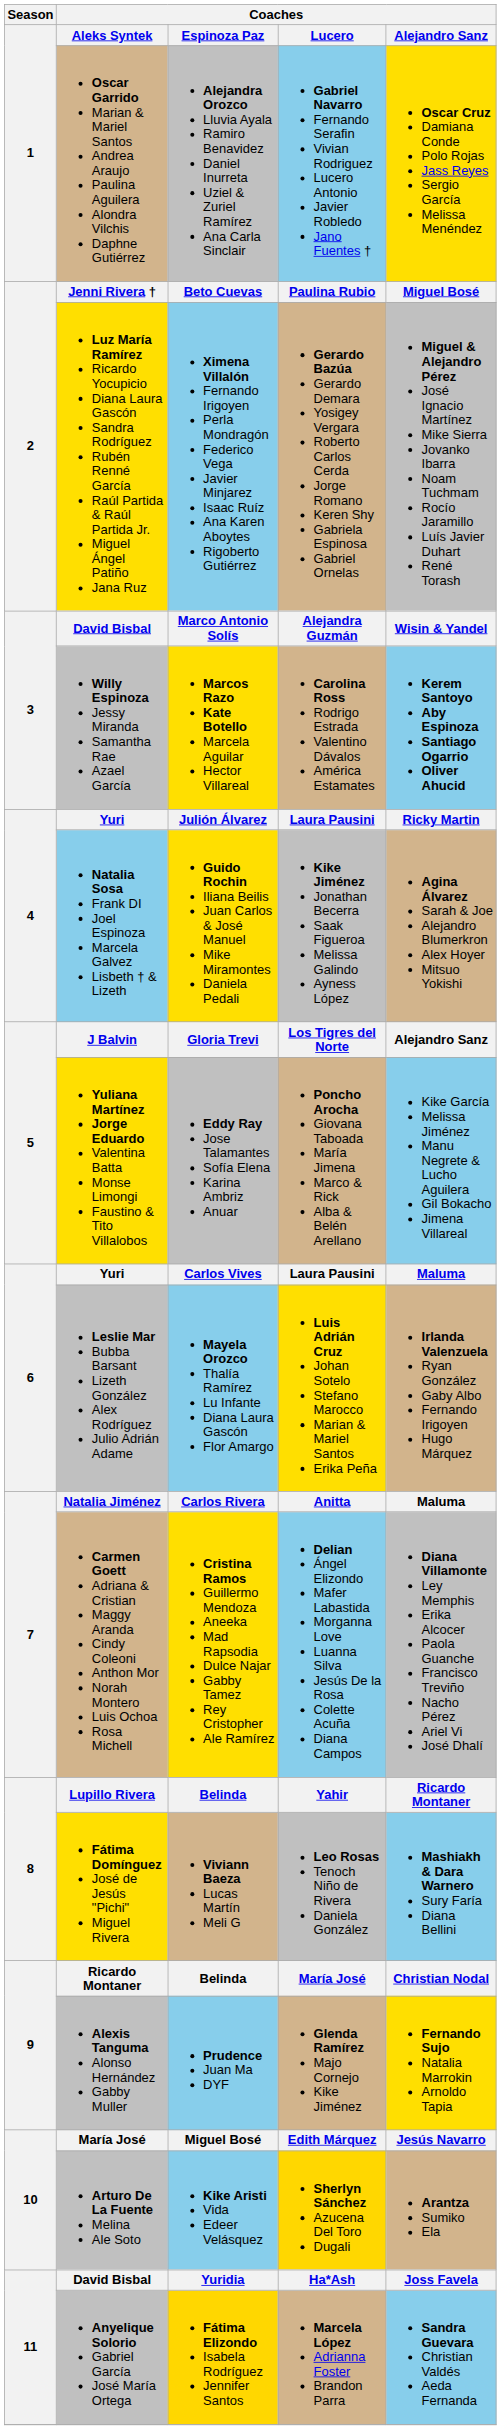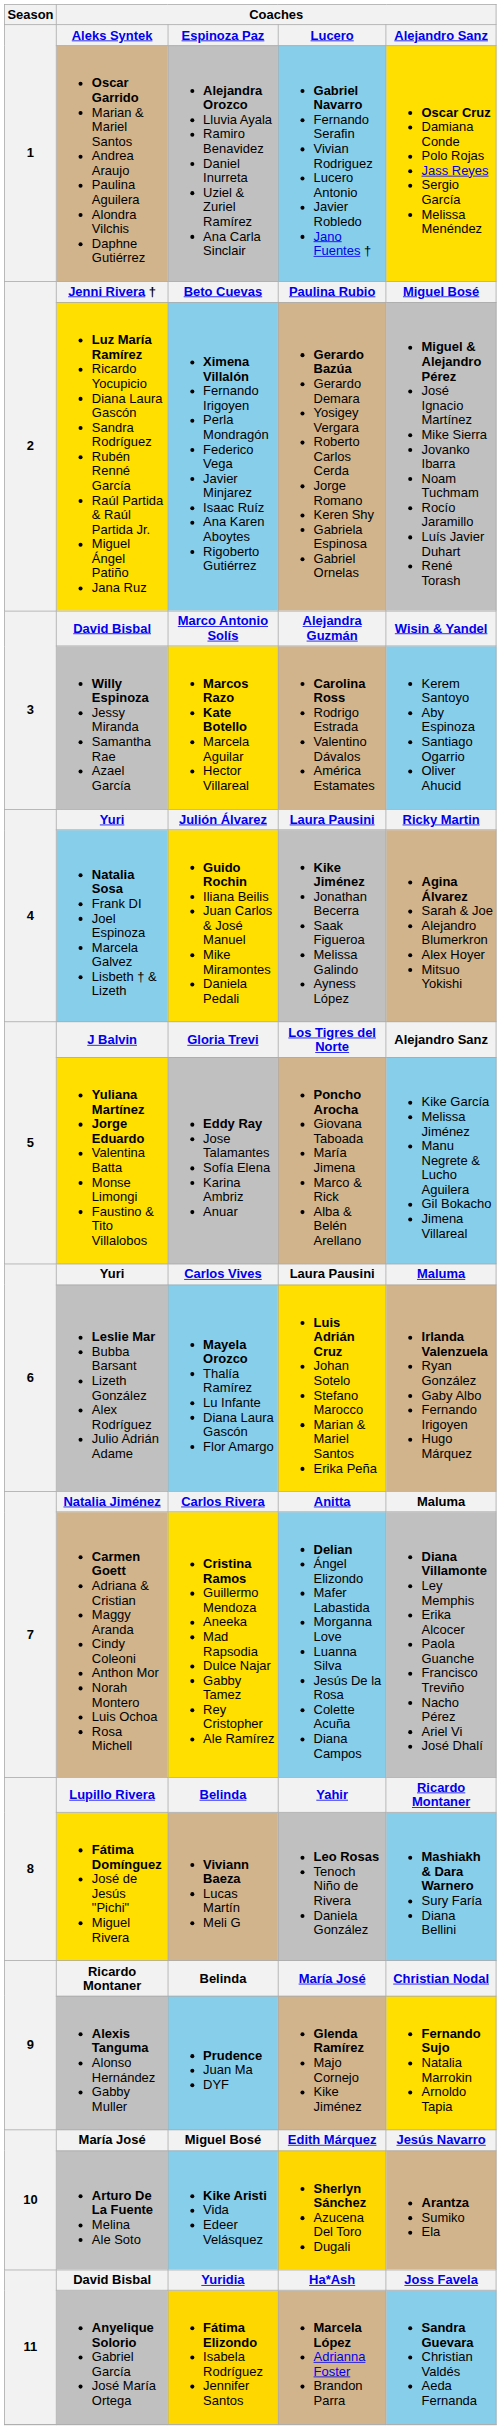 <table class="wikitable nowrap">
 <tr>
 <th rowspan="1" style="width:05%">Season</th>
 <th colspan="4" style="width:95%">Coaches</th>
 </tr>
 <tr>
 <th rowspan="2">1</th>
 <th style="width:23%" scope="col"><a href='#'>Aleks Syntek</a></th>
 <th style="width:23%" scope="col"><a href='#'>Espinoza Paz</a></th>
 <th style="width:23%" scope="col"><a href='#'>Lucero</a></th>
 <th style="width:23%" scope="col"><a href='#'>Alejandro Sanz</a></th>
 </tr>
 <tr>
 <td style="background:tan"><br><ul><li><strong>Oscar Garrido</strong></li><li>Marian & Mariel Santos</li><li>Andrea Araujo</li><li>Paulina Aguilera</li><li>Alondra Vilchis</li><li>Daphne Gutiérrez</li></ul></td>
 <td style="background:silver"><br><ul><li><strong>Alejandra Orozco</strong></li><li>Lluvia Ayala</li><li>Ramiro Benavidez</li><li>Daniel Inurreta</li><li>Uziel & Zuriel Ramírez</li><li>Ana Carla Sinclair</li></ul></td>
 <td style="background:skyblue"><br><ul><li><strong>Gabriel Navarro</strong></li><li>Fernando Serafin</li><li>Vivian Rodriguez</li><li>Lucero Antonio</li><li>Javier Robledo</li><li><a href='#'>Jano Fuentes</a> †</li></ul></td>
 <td style="background:#FFDF00"><br><ul><li><strong>Oscar Cruz</strong></li><li>Damiana Conde</li><li>Polo Rojas</li><li><a href='#'>Jass Reyes</a></li><li>Sergio García</li><li>Melissa Menéndez</li></ul></td>
 </tr>
 <tr>
 <th rowspan="2">2</th>
 <th><a href='#'>Jenni Rivera</a> †</th>
 <th><a href='#'>Beto Cuevas</a></th>
 <th><a href='#'>Paulina Rubio</a></th>
 <th><a href='#'>Miguel Bosé</a></th>
 </tr>
 <tr>
 <td style="background:#FFDF00"><br><ul><li><strong>Luz María Ramírez</strong></li><li>Ricardo Yocupicio</li><li>Diana Laura Gascón</li><li>Sandra Rodríguez</li><li>Rubén Renné García</li><li>Raúl Partida & Raúl Partida Jr.</li><li>Miguel Ángel Patiño</li><li>Jana Ruz</li></ul></td>
 <td style="background:skyblue"><br><ul><li><strong>Ximena Villalón</strong></li><li>Fernando Irigoyen</li><li>Perla Mondragón</li><li>Federico Vega</li><li>Javier Minjarez</li><li>Isaac Ruíz</li><li>Ana Karen Aboytes</li><li>Rigoberto Gutiérrez</li></ul></td>
 <td style="background:tan"><br><ul><li><strong>Gerardo Bazúa</strong></li><li>Gerardo Demara</li><li>Yosigey Vergara</li><li>Roberto Carlos Cerda</li><li>Jorge Romano</li><li>Keren Shy</li><li>Gabriela Espinosa</li><li>Gabriel Ornelas</li></ul></td>
 <td style="background:silver"><br><ul><li><strong> Miguel & Alejandro Pérez</strong></li><li>José Ignacio Martínez</li><li>Mike Sierra</li><li>Jovanko Ibarra</li><li>Noam Tuchmam</li><li>Rocío Jaramillo</li><li>Luís Javier Duhart</li><li>René Torash</li></ul></td>
 </tr>
 <tr>
 <th rowspan="2">3</th>
 <th><a href='#'>David Bisbal</a></th>
 <th><a href='#'>Marco Antonio Solís</a></th>
 <th><a href='#'>Alejandra Guzmán</a></th>
 <th><a href='#'>Wisin & Yandel</a></th>
 </tr>
 <tr>
 <td style="background:silver"><br><ul><li><strong>Willy Espinoza</strong></li><li>Jessy Miranda</li><li>Samantha Rae</li><li>Azael García</li></ul></td>
 <td style="background:#FFDF00"><br><ul><li><strong>Marcos Razo</strong></li><li><strong>Kate Botello</strong></li><li>Marcela Aguilar</li><li>Hector Villareal</li></ul></td>
 <td style="background:tan"><br><ul><li><strong>Carolina Ross</strong></li><li>Rodrigo Estrada</li><li>Valentino Dávalos</li><li>América Estamates</li></ul></td>
-<td style="background:skyblue"><strong><br><ul><li>Kerem Santoyo</li><li>Aby Espinoza</li><li>Santiago Ogarrio</li><li>Oliver Ahucid</li></ul></strong></td>
+<td style="background:skyblue"><br><ul><li>Kerem Santoyo</li><li>Aby Espinoza</li><li>Santiago Ogarrio</li><li>Oliver Ahucid</li></ul></td>
 </tr>
 <tr>
 <th rowspan="2">4</th>
 <th><a href='#'>Yuri</a></th>
 <th><a href='#'>Julión Álvarez</a></th>
 <th><a href='#'>Laura Pausini</a></th>
 <th><a href='#'>Ricky Martin</a></th>
 </tr>
 <tr>
 <td style="background:skyblue"><br><ul><li><strong>Natalia Sosa</strong></li><li>Frank DI</li><li>Joel Espinoza</li><li>Marcela Galvez</li><li>Lisbeth † & Lizeth</li></ul></td>
 <td style="background:#FFDF00"><br><ul><li><strong>Guido Rochin</strong></li><li>Iliana Beilis</li><li>Juan Carlos & José Manuel</li><li>Mike Miramontes</li><li>Daniela Pedali</li></ul></td>
 <td style="background:silver"><br><ul><li><strong>Kike Jiménez</strong></li><li>Jonathan Becerra</li><li>Saak Figueroa</li><li>Melissa Galindo</li><li>Ayness López</li></ul></td>
 <td style="background:tan"><br><ul><li><strong>Agina Álvarez</strong></li><li>Sarah & Joe</li><li>Alejandro Blumerkron</li><li>Alex Hoyer</li><li>Mitsuo Yokishi</li></ul></td>
 </tr>
 <tr>
 <th rowspan="2">5</th>
 <th><a href='#'>J Balvin</a></th>
 <th><a href='#'>Gloria Trevi</a></th>
 <th><a href='#'>Los Tigres del Norte</a></th>
 <th>Alejandro Sanz</th>
 </tr>
 <tr>
 <td style="background:#FFDF00"><br><ul><li><strong>Yuliana Martínez</strong></li><li><strong>Jorge Eduardo</strong></li><li>Valentina Batta</li><li>Monse Limongi</li><li>Faustino & Tito Villalobos</li></ul></td>
 <td style="background:silver"><br><ul><li><strong>Eddy Ray</strong></li><li>Jose Talamantes</li><li>Sofía Elena</li><li>Karina Ambriz</li><li>Anuar</li></ul></td>
 <td style="background:tan"><br><ul><li><strong>Poncho Arocha</strong></li><li>Giovana Taboada</li><li>María Jimena</li><li>Marco & Rick</li><li>Alba & Belén Arellano</li></ul></td>
 <td style="background:skyblue"><br><ul><li>Kike García</li><li>Melissa Jiménez</li><li>Manu Negrete & Lucho Aguilera</li><li>Gil Bokacho</li><li>Jimena Villareal</li></ul></td>
 </tr>
 <tr>
 <th rowspan="2">6</th>
 <th>Yuri</th>
 <th><a href='#'>Carlos Vives</a></th>
 <th>Laura Pausini</th>
 <th><a href='#'>Maluma</a></th>
 </tr>
 <tr>
 <td style="background:silver"><br><ul><li><strong>Leslie Mar</strong></li><li>Bubba Barsant</li><li>Lizeth González</li><li>Alex Rodríguez</li><li>Julio Adrián Adame</li></ul></td>
 <td style="background:skyblue"><br><ul><li><strong>Mayela Orozco</strong></li><li>Thalía Ramírez</li><li>Lu Infante</li><li>Diana Laura Gascón</li><li>Flor Amargo</li></ul></td>
 <td style="background:#FFDF00"><br><ul><li><strong>Luis Adrián Cruz</strong></li><li>Johan Sotelo</li><li>Stefano Marocco</li><li>Marian & Mariel Santos</li><li>Erika Peña</li></ul></td>
 <td style="background:tan"><br><ul><li><strong>Irlanda Valenzuela</strong></li><li>Ryan González</li><li>Gaby Albo</li><li>Fernando Irigoyen</li><li>Hugo Márquez</li></ul></td>
 </tr>
 <tr>
 <th rowspan="2">7</th>
 <th><a href='#'>Natalia Jiménez</a></th>
 <th><a href='#'>Carlos Rivera</a></th>
 <th><a href='#'>Anitta</a></th>
 <th>Maluma</th>
 </tr>
 <tr>
 <td style="background:tan"><br><ul><li><strong>Carmen Goett</strong></li><li>Adriana & Cristian</li><li>Maggy Aranda</li><li>Cindy Coleoni</li><li>Anthon Mor</li><li>Norah Montero</li><li>Luis Ochoa</li><li>Rosa Michell</li></ul></td>
 <td style="background:#FFDF00"><br><ul><li><strong>Cristina Ramos</strong></li><li>Guillermo Mendoza</li><li>Aneeka</li><li>Mad Rapsodia</li><li>Dulce Najar</li><li>Gabby Tamez</li><li>Rey Cristopher</li><li>Ale Ramírez</li></ul></td>
 <td style="background:skyblue"><br><ul><li><strong>Delian</strong></li><li>Ángel Elizondo</li><li>Mafer Labastida</li><li>Morganna Love</li><li>Luanna Silva</li><li>Jesús De la Rosa</li><li>Colette Acuña</li><li>Diana Campos</li></ul></td>
 <td style="background:silver"><br><ul><li><strong>Diana Villamonte</strong></li><li>Ley Memphis</li><li>Erika Alcocer</li><li>Paola Guanche</li><li>Francisco Treviño</li><li>Nacho Pérez</li><li>Ariel Vi</li><li>José Dhalí</li></ul></td>
 </tr>
 <tr>
 <th rowspan="2">8</th>
 <th><a href='#'>Lupillo Rivera</a></th>
 <th><a href='#'>Belinda</a></th>
 <th><a href='#'>Yahir</a></th>
 <th><a href='#'>Ricardo Montaner</a></th>
 </tr>
 <tr>
 <td style="background:#FFDF00"><br><ul><li><strong>Fátima Domínguez</strong></li><li>José de Jesús "Pichi"</li><li>Miguel Rivera</li></ul></td>
 <td style="background:tan"><br><ul><li><strong>Viviann Baeza</strong></li><li>Lucas Martín</li><li>Meli G</li></ul></td>
 <td style="background:silver"><br><ul><li><strong>Leo Rosas</strong></li><li>Tenoch Niño de Rivera</li><li>Daniela González</li></ul></td>
 <td style="background:skyblue"><br><ul><li><strong> Mashiakh & Dara Warnero</strong></li><li>Sury Faría</li><li>Diana Bellini</li></ul></td>
 </tr>
 <tr>
 <th rowspan="2">9</th>
 <th>Ricardo Montaner</th>
 <th>Belinda</th>
 <th><a href='#'>María José</a></th>
 <th><a href='#'>Christian Nodal</a></th>
 </tr>
 <tr>
 <td style="background:silver"><br><ul><li><strong>Alexis Tanguma</strong></li><li>Alonso Hernández</li><li>Gabby Muller</li></ul></td>
 <td style="background:skyblue"><br><ul><li><strong>Prudence</strong></li><li>Juan Ma</li><li>DYF</li></ul></td>
 <td style="background:tan"><br><ul><li><strong>Glenda Ramírez</strong></li><li>Majo Cornejo</li><li>Kike Jiménez</li></ul></td>
 <td style="background:#FFDF00"><br><ul><li><strong>Fernando Sujo</strong></li><li>Natalia Marrokin</li><li>Arnoldo Tapia</li></ul></td>
 </tr>
 <tr>
 <th rowspan="2">10</th>
 <th scope="col">María José</th>
 <th scope="col">Miguel Bosé</th>
 <th scope="col"><a href='#'>Edith Márquez</a></th>
 <th scope="col"><a href='#'>Jesús Navarro</a></th>
 </tr>
 <tr>
 <td style="background:silver"><br><ul><li><strong>Arturo De La Fuente</strong></li><li>Melina</li><li>Ale Soto</li></ul></td>
 <td style="background:skyblue"><br><ul><li><strong>Kike Aristi</strong></li><li>Vida</li><li>Edeer Velásquez</li></ul></td>
 <td style="background:gold"><br><ul><li><strong>Sherlyn Sánchez</strong></li><li>Azucena Del Toro</li><li>Dugali</li></ul></td>
 <td style="background:tan"><br><ul><li><strong>Arantza</strong></li><li>Sumiko</li><li>Ela</li></ul></td>
 </tr>
 <tr>
 <th rowspan="2">11</th>
 <th scope="col">David Bisbal</th>
 <th scope="col"><a href='#'>Yuridia</a></th>
 <th scope="col"><a href='#'>Ha*Ash</a></th>
 <th scope="col"><a href='#'>Joss Favela</a></th>
 </tr>
 <tr>
 <td style="background:silver"><br><ul><li><strong>Anyelique Solorio</strong></li><li>Gabriel García</li><li>José María Ortega</li></ul></td>
 <td style="background:gold"><br><ul><li><strong>Fátima Elizondo</strong></li><li>Isabela Rodríguez</li><li>Jennifer Santos</li></ul></td>
 <td style="background:tan"><br><ul><li><strong>Marcela López</strong></li><li><a href='#'>Adrianna Foster</a></li><li>Brandon Parra</li></ul></td>
 <td style="background:skyblue"><br><ul><li><strong>Sandra Guevara</strong></li><li>Christian Valdés</li><li>Aeda Fernanda</li></ul></td>
 </tr>
 <tr>
 </tr>
 </table>
